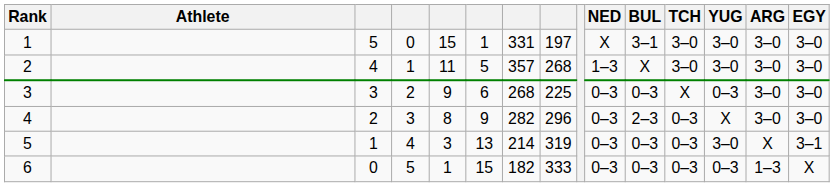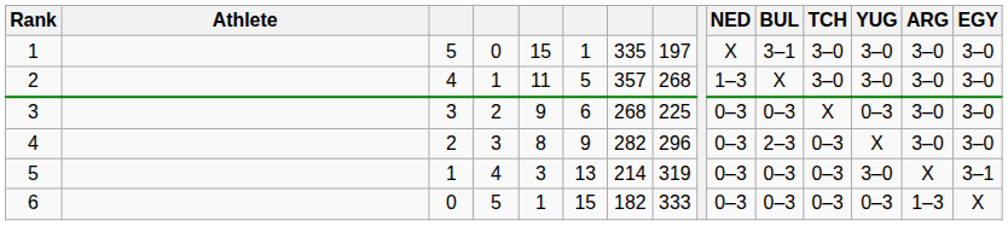 <table class="wikitable" style="text-align:center">
 <tr>
 <th>Rank</th>
 <th width=300>Athlete</th>
 <th width=30></th>
 <th width=30></th>
 <th width=30></th>
 <th width=30></th>
 <th width=30></th>
 <th width=30></th>
 <th rowspan=7></th>
 <th width=30>NED</th>
 <th width=30>BUL</th>
 <th width=30>TCH</th>
 <th width=30>YUG</th>
 <th width=30>ARG</th>
 <th width=30>EGY</th>
 </tr>
 <tr>
 <td>1</td>
 <td align=left></td>
 <td>5</td>
 <td>0</td>
 <td>15</td>
 <td>1</td>
-<td>331</td>
+<td>335</td>
 <td>197</td>
 <td>X</td>
 <td>3–1</td>
 <td>3–0</td>
 <td>3–0</td>
 <td>3–0</td>
 <td>3–0</td>
 </tr>
 <tr style="border-bottom:2px solid green;">
 <td>2</td>
 <td align=left></td>
 <td>4</td>
 <td>1</td>
 <td>11</td>
 <td>5</td>
 <td>357</td>
 <td>268</td>
 <td>1–3</td>
 <td>X</td>
 <td>3–0</td>
 <td>3–0</td>
 <td>3–0</td>
 <td>3–0</td>
 </tr>
 <tr>
 <td>3</td>
 <td align=left></td>
 <td>3</td>
 <td>2</td>
 <td>9</td>
 <td>6</td>
 <td>268</td>
 <td>225</td>
 <td>0–3</td>
 <td>0–3</td>
 <td>X</td>
 <td>0–3</td>
 <td>3–0</td>
 <td>3–0</td>
 </tr>
 <tr>
 <td>4</td>
 <td align=left></td>
 <td>2</td>
 <td>3</td>
 <td>8</td>
 <td>9</td>
 <td>282</td>
 <td>296</td>
 <td>0–3</td>
 <td>2–3</td>
 <td>0–3</td>
 <td>X</td>
 <td>3–0</td>
 <td>3–0</td>
 </tr>
 <tr>
 <td>5</td>
 <td align=left></td>
 <td>1</td>
 <td>4</td>
 <td>3</td>
 <td>13</td>
 <td>214</td>
 <td>319</td>
 <td>0–3</td>
 <td>0–3</td>
 <td>0–3</td>
 <td>3–0</td>
 <td>X</td>
 <td>3–1</td>
 </tr>
 <tr>
 <td>6</td>
 <td align=left></td>
 <td>0</td>
 <td>5</td>
 <td>1</td>
 <td>15</td>
 <td>182</td>
 <td>333</td>
 <td>0–3</td>
 <td>0–3</td>
 <td>0–3</td>
 <td>0–3</td>
 <td>1–3</td>
 <td>X</td>
 </tr>
 </table>
